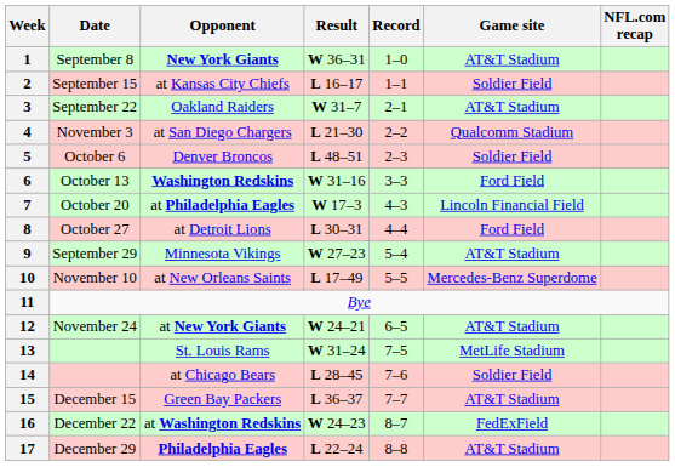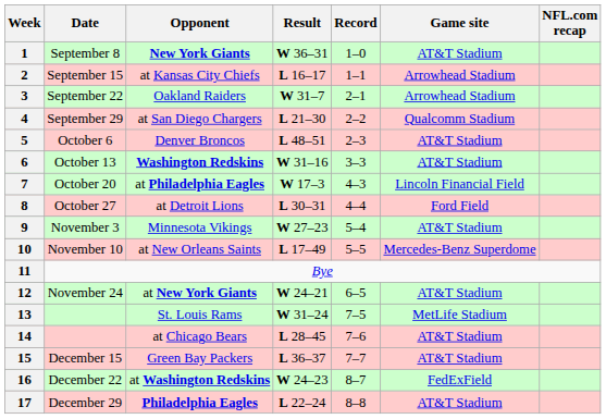 <table class="wikitable" style="text-align:center">
 <tr>
 <th>Week</th>
 <th>Date</th>
 <th>Opponent</th>
 <th>Result</th>
 <th>Record</th>
 <th>Game site</th>
 <th>NFL.com<br>recap</th>
 </tr>
 <tr style="background:#cfc">
 <th>1</th>
 <td>September 8</td>
 <td><strong><a href='#'>New York Giants</a></strong></td>
 <td><strong>W</strong> 36–31</td>
 <td>1–0</td>
 <td><a href='#'>AT&T Stadium</a></td>
 <td></td>
 </tr>
 <tr style="background:#fcc">
 <th>2</th>
 <td>September 15</td>
 <td>at <a href='#'>Kansas City Chiefs</a></td>
 <td><strong>L</strong> 16–17</td>
 <td>1–1</td>
-<td><a href='#'>Soldier Field</a></td>
+<td><a href='#'>Arrowhead Stadium</a></td>
 <td></td>
 </tr>
 <tr style="background:#cfc">
 <th>3</th>
 <td>September 22</td>
 <td><a href='#'>Oakland Raiders</a></td>
 <td><strong>W</strong> 31–7</td>
 <td>2–1</td>
-<td><a href='#'>AT&T Stadium</a></td>
+<td><a href='#'>Arrowhead Stadium</a></td>
 <td></td>
 </tr>
 <tr style="background:#fcc">
 <th>4</th>
-<td>November 3</td>
+<td>September 29</td>
 <td>at <a href='#'>San Diego Chargers</a></td>
 <td><strong>L</strong> 21–30</td>
 <td>2–2</td>
 <td><a href='#'>Qualcomm Stadium</a></td>
 <td></td>
 </tr>
 <tr style="background:#fcc">
 <th>5</th>
 <td>October 6</td>
 <td><a href='#'>Denver Broncos</a></td>
 <td><strong>L</strong> 48–51</td>
 <td>2–3</td>
-<td><a href='#'>Soldier Field</a></td>
+<td><a href='#'>AT&T Stadium</a></td>
 <td></td>
 </tr>
 <tr style="background:#cfc">
 <th>6</th>
 <td>October 13</td>
 <td><strong><a href='#'>Washington Redskins</a></strong></td>
 <td><strong>W</strong> 31–16</td>
 <td>3–3</td>
-<td><a href='#'>Ford Field</a></td>
+<td><a href='#'>AT&T Stadium</a></td>
 <td></td>
 </tr>
 <tr style="background:#cfc">
 <th>7</th>
 <td>October 20</td>
 <td>at <strong><a href='#'>Philadelphia Eagles</a></strong></td>
 <td><strong>W</strong> 17–3</td>
 <td>4–3</td>
 <td><a href='#'>Lincoln Financial Field</a></td>
 <td></td>
 </tr>
 <tr style="background:#fcc">
 <th>8</th>
 <td>October 27</td>
 <td>at <a href='#'>Detroit Lions</a></td>
 <td><strong>L</strong> 30–31</td>
 <td>4–4</td>
 <td><a href='#'>Ford Field</a></td>
 <td></td>
 </tr>
 <tr style="background:#cfc">
 <th>9</th>
-<td>September 29</td>
+<td>November 3</td>
 <td><a href='#'>Minnesota Vikings</a></td>
 <td><strong>W</strong> 27–23</td>
 <td>5–4</td>
 <td><a href='#'>AT&T Stadium</a></td>
 <td></td>
 </tr>
 <tr style="background:#fcc">
 <th>10</th>
 <td>November 10</td>
 <td>at <a href='#'>New Orleans Saints</a></td>
 <td><strong>L</strong> 17–49</td>
 <td>5–5</td>
 <td><a href='#'>Mercedes-Benz Superdome</a></td>
 <td></td>
 </tr>
 <tr>
 <th>11</th>
 <td colspan="6"><em><a href='#'>Bye</a></em></td>
 </tr>
 <tr style="background:#cfc">
 <th>12</th>
 <td>November 24</td>
 <td>at <strong><a href='#'>New York Giants</a></strong></td>
 <td><strong>W</strong> 24–21</td>
 <td>6–5</td>
 <td><a href='#'>AT&T Stadium</a></td>
 <td></td>
 </tr>
 <tr style="background:#cfc">
 <th>13</th>
 <td><a href='#'></a></td>
 <td><a href='#'>St. Louis Rams</a></td>
 <td><strong>W</strong> 31–24</td>
 <td>7–5</td>
 <td><a href='#'>MetLife Stadium</a></td>
 <td></td>
 </tr>
 <tr style="background:#fcc">
 <th>14</th>
 <td></td>
 <td>at <a href='#'>Chicago Bears</a></td>
 <td><strong>L</strong> 28–45</td>
 <td>7–6</td>
-<td><a href='#'>Soldier Field</a></td>
+<td><a href='#'>AT&T Stadium</a></td>
 <td></td>
 </tr>
 <tr style="background:#fcc">
 <th>15</th>
 <td>December 15</td>
 <td><a href='#'>Green Bay Packers</a></td>
 <td><strong>L</strong> 36–37</td>
 <td>7–7</td>
 <td><a href='#'>AT&T Stadium</a></td>
 <td></td>
 </tr>
 <tr style="background:#cfc">
 <th>16</th>
 <td>December 22</td>
 <td>at <strong><a href='#'>Washington Redskins</a></strong></td>
 <td><strong>W</strong> 24–23</td>
 <td>8–7</td>
 <td><a href='#'>FedExField</a></td>
 <td></td>
 </tr>
 <tr style="background:#fcc">
 <th>17</th>
 <td>December 29</td>
 <td><strong><a href='#'>Philadelphia Eagles</a></strong></td>
 <td><strong>L</strong> 22–24</td>
 <td>8–8</td>
 <td><a href='#'>AT&T Stadium</a></td>
 <td></td>
 </tr>
 </table>
